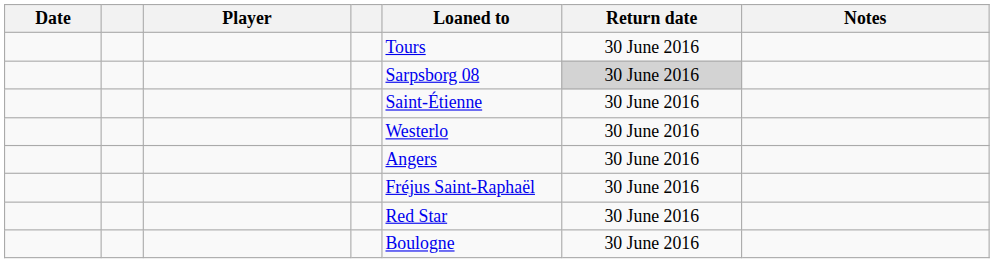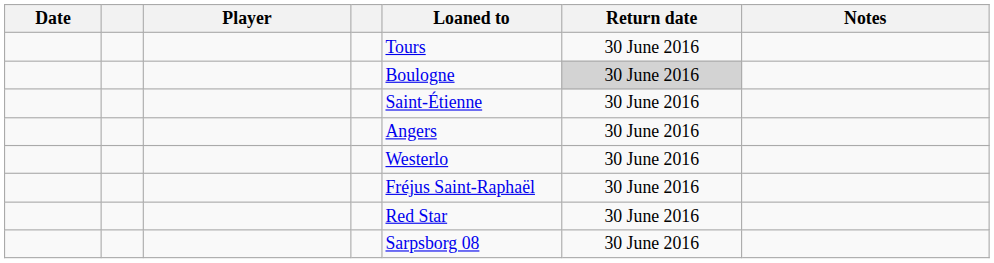 <table class="wikitable sortable">
 <tr>
 <th style="width:80px;">Date</th>
 <th style="width:30px;"></th>
 <th style="width:180px;">Player</th>
 <th style="width:20px;"></th>
 <th style="width:155px;">Loaned to</th>
 <th style="width:155px;" class="unsortable">Return date</th>
 <th style="width:215px;" class="unsortable">Notes</th>
 </tr>
 <tr>
 <td></td>
 <td align=center></td>
 <td> </td>
 <td></td>
 <td> <a href='#'>Tours</a></td>
 <td align=center>30 June 2016</td>
 <td align=center></td>
 </tr>
 <tr>
 <td></td>
 <td align=center></td>
 <td> </td>
 <td></td>
-<td> <a href='#'>Sarpsborg 08</a></td>
+<td> <a href='#'>Boulogne</a></td>
 <td align=center style="background: lightgrey;">30 June 2016</td>
 <td align=center></td>
 </tr>
 <tr>
 <td></td>
 <td align=center></td>
 <td> </td>
 <td></td>
 <td> <a href='#'>Saint-Étienne</a></td>
 <td align=center>30 June 2016</td>
 <td align=center></td>
 </tr>
 <tr>
 <td></td>
 <td align=center></td>
 <td> </td>
 <td></td>
-<td> <a href='#'>Westerlo</a></td>
+<td> <a href='#'>Angers</a></td>
 <td align=center>30 June 2016</td>
 <td align=center></td>
 </tr>
 <tr>
 <td></td>
 <td align=center></td>
 <td> </td>
 <td></td>
-<td> <a href='#'>Angers</a></td>
+<td> <a href='#'>Westerlo</a></td>
 <td align=center>30 June 2016</td>
 <td align=center></td>
 </tr>
 <tr>
 <td></td>
 <td align=center></td>
 <td> </td>
 <td></td>
 <td> <a href='#'>Fréjus Saint-Raphaël</a></td>
 <td align=center>30 June 2016</td>
 <td align=center></td>
 </tr>
 <tr>
 <td></td>
 <td align=center></td>
 <td> </td>
 <td></td>
 <td> <a href='#'>Red Star</a></td>
 <td align=center>30 June 2016</td>
 <td align=center></td>
 </tr>
 <tr>
 <td></td>
 <td align=center></td>
 <td> </td>
 <td></td>
-<td> <a href='#'>Boulogne</a></td>
+<td> <a href='#'>Sarpsborg 08</a></td>
 <td align=center>30 June 2016</td>
 <td align=center></td>
 </tr>
 </table>
